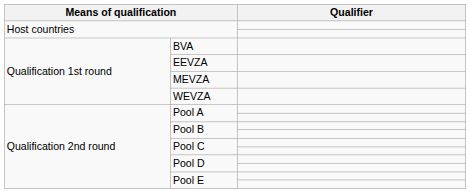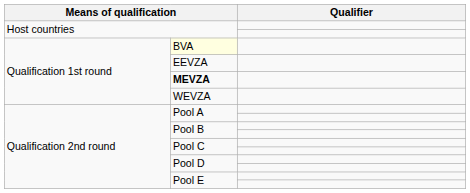 <table class="wikitable" width=700>
 <tr>
 <th colspan=2 width=30%>Means of qualification</th>
 <th width=30%>Qualifier</th>
 </tr>
 <tr>
 <td colspan=2 rowspan=2>Host countries</td>
 <td></td>
 </tr>
 <tr>
 <td></td>
 </tr>
 <tr>
 <td rowspan=4>Qualification 1st round</td>
-<td>BVA</td>
+<td style="background: lightyellow;">BVA</td>
 <td></td>
 </tr>
 <tr>
 <td>EEVZA</td>
 <td></td>
 </tr>
 <tr>
-<td>MEVZA</td>
+<td><strong>MEVZA</strong></td>
 <td></td>
 </tr>
 <tr>
 <td>WEVZA</td>
 <td></td>
 </tr>
 <tr>
 <td rowspan=10>Qualification 2nd round</td>
 <td rowspan=2>Pool A</td>
 <td></td>
 </tr>
 <tr>
 <td></td>
 </tr>
 <tr>
 <td rowspan=2>Pool B</td>
 <td></td>
 </tr>
 <tr>
 <td></td>
 </tr>
 <tr>
 <td rowspan=2>Pool C</td>
 <td></td>
 </tr>
 <tr>
 <td></td>
 </tr>
 <tr>
 <td rowspan=2>Pool D</td>
 <td></td>
 </tr>
 <tr>
 <td></td>
 </tr>
 <tr>
 <td rowspan=2>Pool E</td>
 <td></td>
 </tr>
 <tr>
 <td></td>
 </tr>
 </table>
